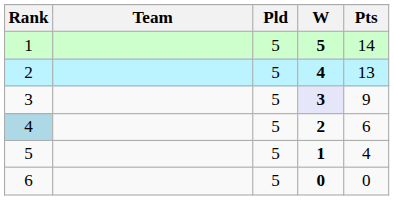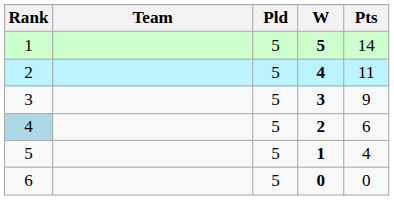 <table class="wikitable">
 <tr>
 </tr>
 <tr>
 <th style="width:35px;">Rank</th>
 <th style="width:180px;">Team</th>
 <th style="width:35px;">Pld</th>
 <th style="width:35px;">W</th>
 <th style="width:35px;">Pts</th>
 </tr>
 <tr bgcolor=#ccffcc>
 <td align=center>1</td>
 <td></td>
 <td align=center>5</td>
 <td align=center><strong>5</strong></td>
 <td align=center>14</td>
 </tr>
 <tr bgcolor=#bbf3ff>
 <td align=center>2</td>
 <td></td>
 <td align=center>5</td>
 <td align=center><strong>4</strong></td>
-<td align=center>13</td>
+<td align=center>11</td>
 </tr>
 <tr>
 <td align=center>3</td>
 <td></td>
 <td align=center>5</td>
-<td align=center style="background: lavender;"><strong>3</strong></td>
+<td align=center><strong>3</strong></td>
 <td align=center>9</td>
 </tr>
 <tr>
 <td align=center style="background: lightblue;">4</td>
 <td></td>
 <td align=center>5</td>
 <td align=center><strong>2</strong></td>
 <td align=center>6</td>
 </tr>
 <tr>
 <td align=center>5</td>
 <td></td>
 <td align=center>5</td>
 <td align=center><strong>1</strong></td>
 <td align=center>4</td>
 </tr>
 <tr>
 <td align=center>6</td>
 <td></td>
 <td align=center>5</td>
 <td align=center><strong>0</strong></td>
 <td align=center>0</td>
 </tr>
 </table>
